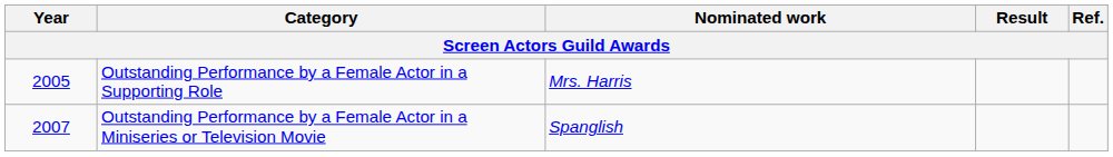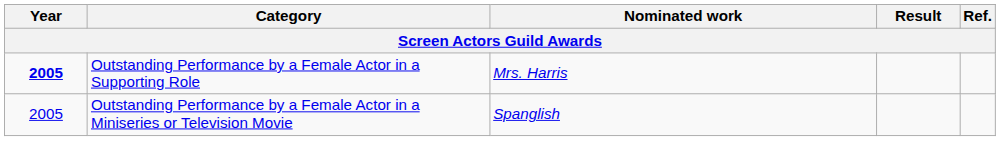 <table class=wikitable>
 <tr>
 <th scope="col" style="width:5em;">Year</th>
 <th scope="col" style="width:26em;">Category</th>
 <th scope="col" style="width:25em;">Nominated work</th>
 <th scope="col" style="width:5em;">Result</th>
 <th>Ref.</th>
 </tr>
 <tr>
 <th colspan=5><a href='#'>Screen Actors Guild Awards</a></th>
 </tr>
 <tr>
-<td style="text-align:center;"><a href='#'>2005</a></td>
+<td style="text-align:center;"><strong><a href='#'>2005</a></strong></td>
 <td><a href='#'>Outstanding Performance by a Female Actor in a Supporting Role</a></td>
 <td><em><a href='#'>Mrs. Harris</a></em></td>
 <td></td>
 <td style="text-align:center;"></td>
 </tr>
 <tr>
-<td style="text-align:center;"><a href='#'>2007</a></td>
+<td style="text-align:center;"><a href='#'>2005</a></td>
 <td><a href='#'>Outstanding Performance by a Female Actor in a Miniseries or Television Movie</a></td>
 <td><em><a href='#'>Spanglish</a></em></td>
 <td></td>
 <td style="text-align:center;"></td>
 </tr>
 </table>
